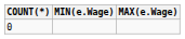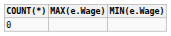 <table class="wikitable" style="font-family:monospace">
 <tr>
 <th>COUNT(*)</th>
+<th>MAX(e.Wage)</th>
 <th>MIN(e.Wage)</th>
-<th>MAX(e.Wage)</th>
 </tr>
 <tr>
 <td>0</td>
 <td></td>
 <td></td>
 </tr>
 </table>
